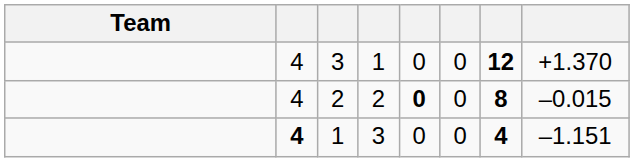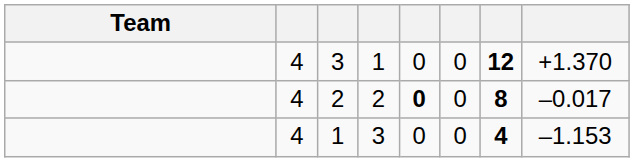 <table class="wikitable" style="text-align:center">
 <tr>
 <th style="width:175px;">Team</th>
 <th style="width:20px;"></th>
 <th style="width:20px;"></th>
 <th style="width:20px;"></th>
 <th style="width:20px;"></th>
 <th style="width:20px;"></th>
 <th style="width:20px;"></th>
 <th style="width:65px;"></th>
 </tr>
 <tr>
 <td style="text-align:left"></td>
 <td>4</td>
 <td>3</td>
 <td>1</td>
 <td>0</td>
 <td>0</td>
 <td><strong>12</strong></td>
 <td>+1.370</td>
 </tr>
 <tr>
 <td style="text-align:left"></td>
 <td>4</td>
 <td>2</td>
 <td>2</td>
 <td><strong>0</strong></td>
 <td>0</td>
 <td><strong>8</strong></td>
-<td>–0.015</td>
+<td>–0.017</td>
 </tr>
 <tr>
 <td style="text-align:left"></td>
-<td><strong>4</strong></td>
+<td>4</td>
 <td>1</td>
 <td>3</td>
 <td>0</td>
 <td>0</td>
 <td><strong>4</strong></td>
-<td>–1.151</td>
+<td>–1.153</td>
 </tr>
 </table>
